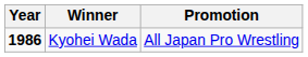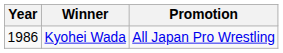 <table class="wikitable sortable" style="text-align: center">
 <tr>
 <th>Year</th>
 <th>Winner</th>
 <th>Promotion</th>
 </tr>
 <tr>
-<td><strong>1986</strong></td>
+<td>1986</td>
 <td><a href='#'>Kyohei Wada</a></td>
 <td><a href='#'>All Japan Pro Wrestling</a></td>
 </tr>
 </table>
